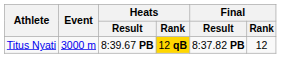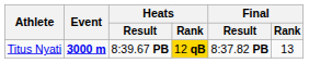 <table class="wikitable" style="font-size:90%">
 <tr>
 <th rowspan=2>Athlete</th>
 <th rowspan=2>Event</th>
 <th colspan=2>Heats</th>
 <th colspan=2>Final</th>
 </tr>
 <tr style="font-size:95%">
 <th>Result</th>
 <th>Rank</th>
 <th>Result</th>
 <th>Rank</th>
 </tr>
 <tr align=center>
 <td align=left><a href='#'>Titus Nyati</a></td>
-<td align=left><a href='#'>3000 m</a></td>
+<td align=left><strong><a href='#'>3000 m</a></strong></td>
 <td>8:39.67 <strong>PB</strong></td>
 <td style="background: gold;">12 <strong>qB</strong></td>
 <td>8:37.82 <strong>PB</strong></td>
-<td>12</td>
+<td>13</td>
 </tr>
 </table>
